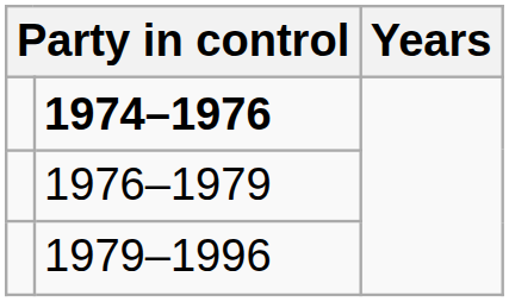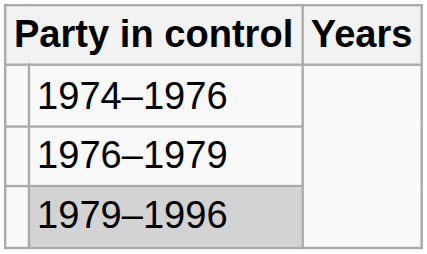 <table class="wikitable">
 <tr>
 <th colspan="2">Party in control</th>
 <th>Years</th>
 </tr>
 <tr>
 <td></td>
-<td><strong>1974–1976</strong></td>
+<td>1974–1976</td>
 </tr>
 <tr>
 <td></td>
 <td>1976–1979</td>
 </tr>
 <tr>
 <td></td>
-<td>1979–1996</td>
+<td style="background: lightgrey;">1979–1996</td>
 </tr>
 </table>
